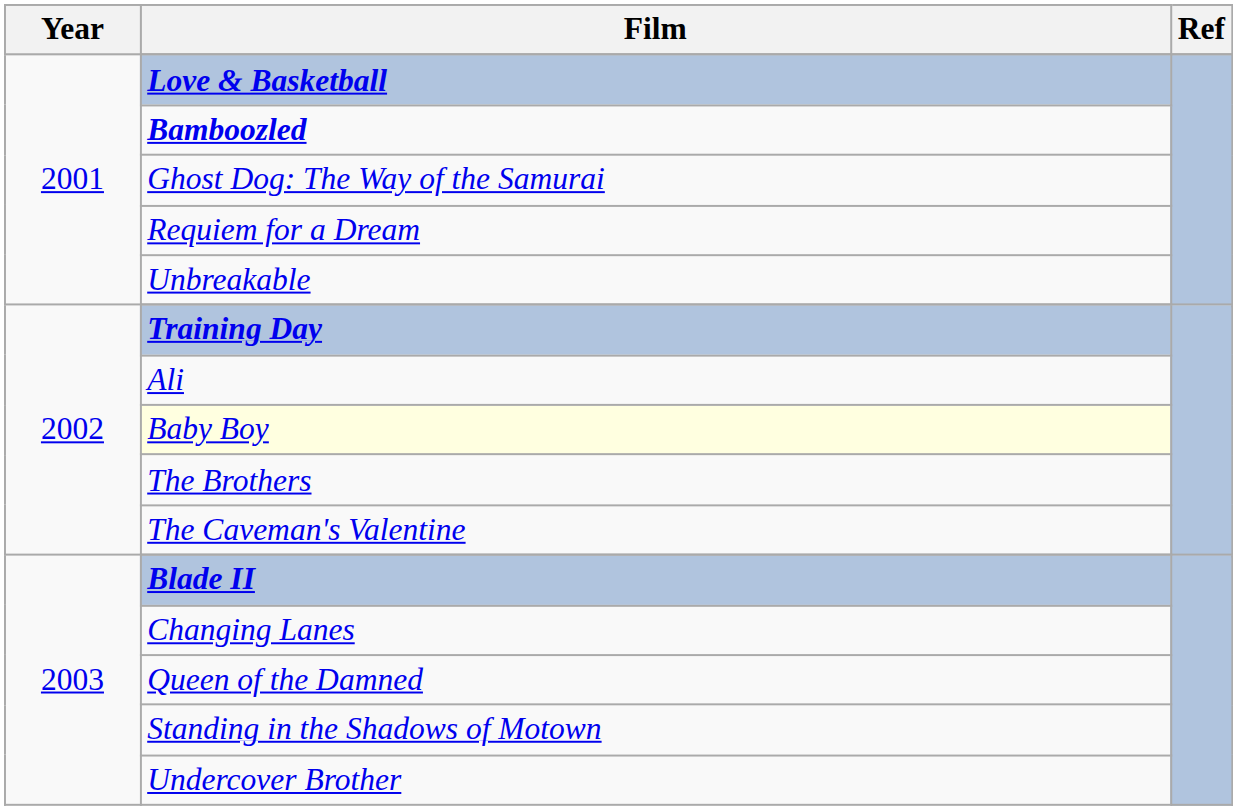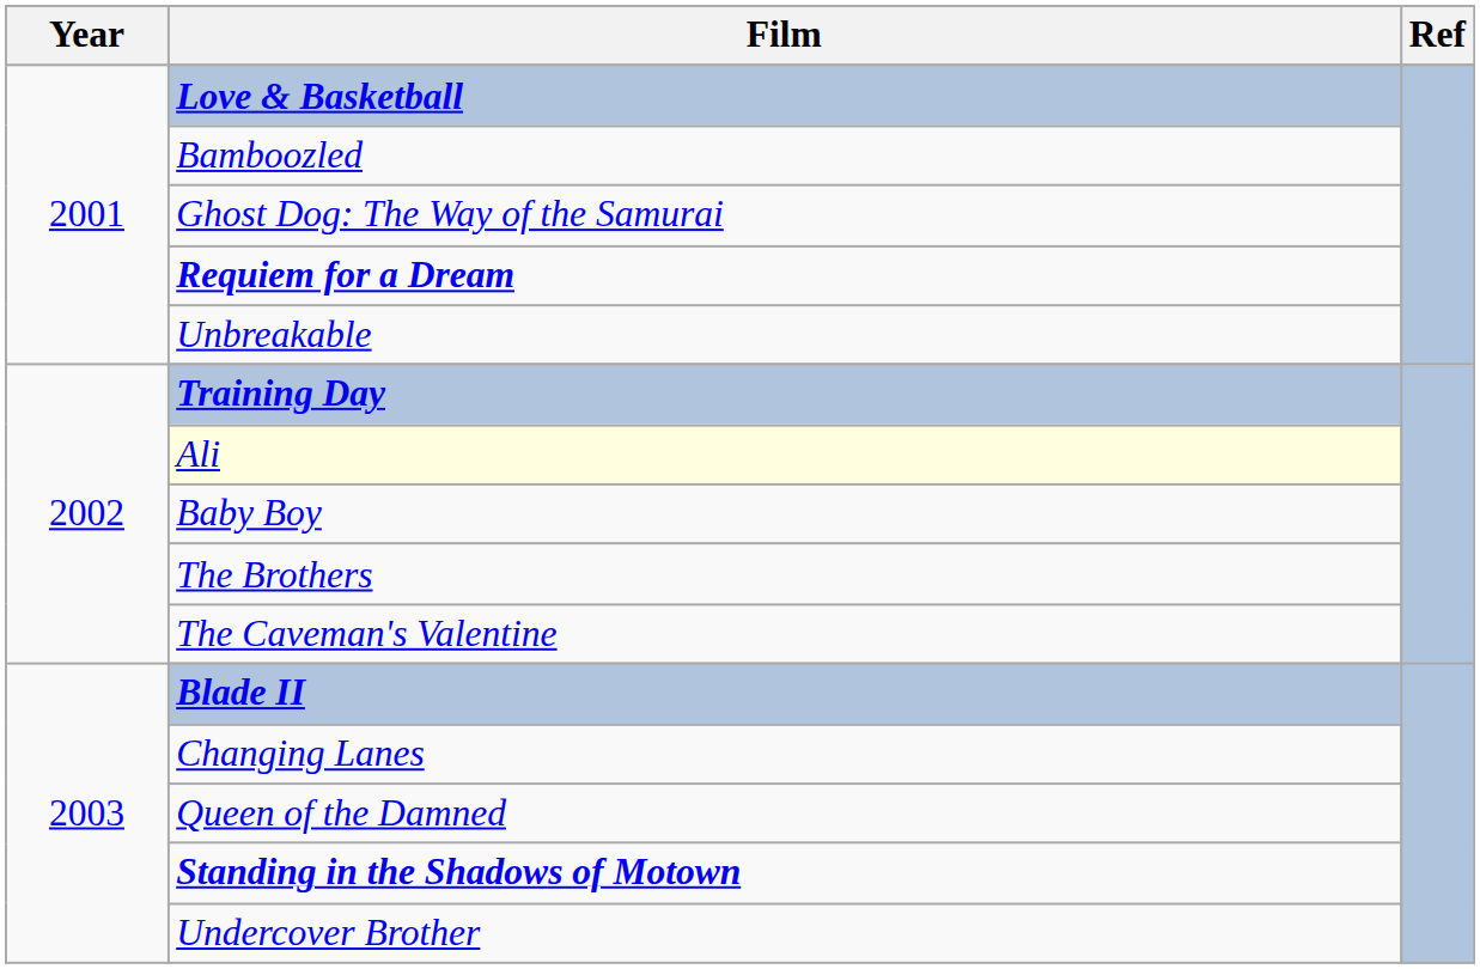 <table class="wikitable" style="width:100%;">
 <tr style="background:#bebebe;">
 <th style="width:11%;">Year</th>
 <th style="width:84%;">Film</th>
 <th style="width:5%;">Ref</th>
 </tr>
 <tr>
 <td rowspan="6" align="center"><a href='#'>2001</a></td>
 </tr>
 <tr style="background:#B0C4DE">
 <td><strong><em><a href='#'>Love & Basketball</a></em></strong></td>
 <td rowspan="6" align="center"></td>
 </tr>
 <tr>
-<td><strong><em><a href='#'>Bamboozled</a></em></strong></td>
+<td><em><a href='#'>Bamboozled</a></em></td>
 </tr>
 <tr>
 <td><em><a href='#'>Ghost Dog: The Way of the Samurai</a></em></td>
 </tr>
 <tr>
-<td><em><a href='#'>Requiem for a Dream</a></em></td>
+<td><strong><em><a href='#'>Requiem for a Dream</a></em></strong></td>
 </tr>
 <tr>
 <td><em><a href='#'>Unbreakable</a></em></td>
 </tr>
 <tr>
 <td rowspan="6" align="center"><a href='#'>2002</a></td>
 </tr>
 <tr style="background:#B0C4DE">
 <td><strong><em><a href='#'>Training Day</a></em></strong></td>
 <td rowspan="6" align="center"></td>
 </tr>
 <tr>
-<td><em><a href='#'>Ali</a></em></td>
+<td style="background: lightyellow;"><em><a href='#'>Ali</a></em></td>
 </tr>
 <tr>
-<td style="background: lightyellow;"><em><a href='#'>Baby Boy</a></em></td>
+<td><em><a href='#'>Baby Boy</a></em></td>
 </tr>
 <tr>
 <td><em><a href='#'>The Brothers</a></em></td>
 </tr>
 <tr>
 <td><em><a href='#'>The Caveman's Valentine</a></em></td>
 </tr>
 <tr>
 <td rowspan="6" align="center"><a href='#'>2003</a></td>
 </tr>
 <tr style="background:#B0C4DE">
 <td><strong><em><a href='#'>Blade II</a></em></strong></td>
 <td rowspan="6" align="center"></td>
 </tr>
 <tr>
 <td><em><a href='#'>Changing Lanes</a></em></td>
 </tr>
 <tr>
 <td><em><a href='#'>Queen of the Damned</a></em></td>
 </tr>
 <tr>
-<td><em><a href='#'>Standing in the Shadows of Motown</a></em></td>
+<td><strong><em><a href='#'>Standing in the Shadows of Motown</a></em></strong></td>
 </tr>
 <tr>
 <td><em><a href='#'>Undercover Brother</a></em></td>
 </tr>
 </table>
